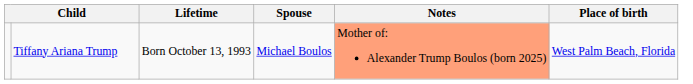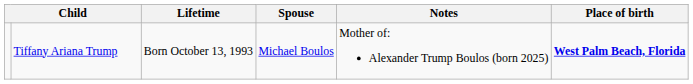 <table class="wikitable">
 <tr>
 <th colspan="2" width=20%>Child</th>
 <th>Lifetime</th>
 <th>Spouse</th>
 <th>Notes</th>
 <th>Place of birth</th>
 </tr>
 <tr>
 <td rowspan="1" style="text-align:center;"></td>
 <td><a href='#'>Tiffany Ariana Trump</a></td>
 <td>Born October 13, 1993</td>
 <td><a href='#'>Michael Boulos</a></td>
-<td style="background: lightsalmon;">Mother of:<br><ul><li>Alexander Trump Boulos (born 2025)</li></ul></td>
-<td><a href='#'>West Palm Beach, Florida</a></td>
+<td>Mother of:<br><ul><li>Alexander Trump Boulos (born 2025)</li></ul></td>
+<td><strong><a href='#'>West Palm Beach, Florida</a></strong></td>
 </tr>
 </table>
